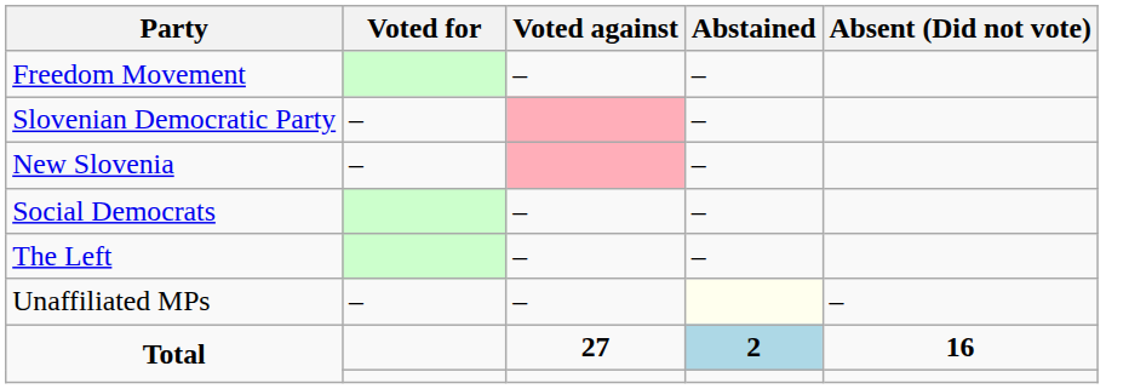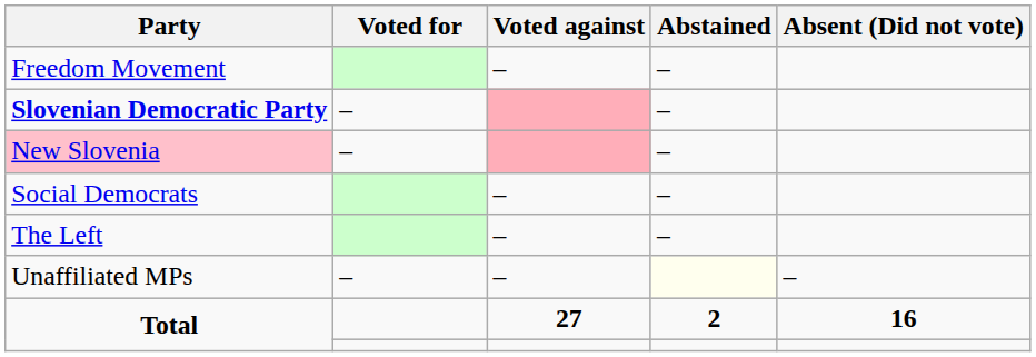 <table class="wikitable">
 <tr>
 <th>Party</th>
 <th style="width:15%;">Voted for</th>
 <th>Voted against</th>
 <th>Abstained</th>
 <th>Absent (Did not vote)</th>
 </tr>
 <tr>
 <td> <a href='#'>Freedom Movement</a></td>
 <td style="background-color:#CCFFCC;"></td>
 <td>–</td>
 <td>–</td>
 <td></td>
 </tr>
 <tr>
-<td> <a href='#'>Slovenian Democratic Party</a></td>
+<td><strong> <a href='#'>Slovenian Democratic Party</a></strong></td>
 <td>–</td>
 <td style="background-color:#FFAEB9;"></td>
 <td>–</td>
 <td></td>
 </tr>
 <tr>
-<td> <a href='#'>New Slovenia</a></td>
+<td style="background: pink;"> <a href='#'>New Slovenia</a></td>
 <td>–</td>
 <td style="background-color:#FFAEB9;"></td>
 <td>–</td>
 <td></td>
 </tr>
 <tr>
 <td> <a href='#'>Social Democrats</a></td>
 <td style="background-color:#CCFFCC;"></td>
 <td>–</td>
 <td>–</td>
 <td></td>
 </tr>
 <tr>
 <td> <a href='#'>The Left</a></td>
 <td style="background-color:#CCFFCC;"></td>
 <td>–</td>
 <td>–</td>
 <td></td>
 </tr>
 <tr>
 <td> Unaffiliated MPs</td>
 <td>–</td>
 <td>–</td>
 <td style="background-color:#FFE;"></td>
 <td>–</td>
 </tr>
 <tr>
 <td style="text-align:center;" rowspan="2"><strong>Total</strong></td>
 <td></td>
 <td style="text-align:center;"><strong>27</strong></td>
-<td style="background: lightblue; text-align:center;"><strong>2</strong></td>
+<td style="text-align:center;"><strong>2</strong></td>
 <td style="text-align:center;"><strong>16</strong></td>
 </tr>
 <tr>
 <td style="text-align:center;"></td>
 <td style="text-align:center;"></td>
 <td style="text-align:center;"></td>
 <td style="text-align:center;"></td>
 </tr>
 </table>
